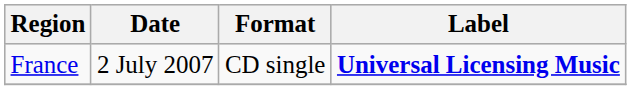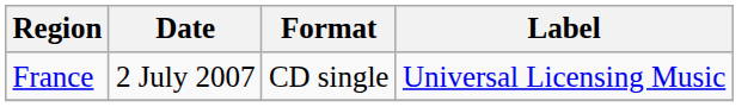 <table class=wikitable>
 <tr>
 <th>Region</th>
 <th>Date</th>
 <th>Format</th>
 <th>Label</th>
 </tr>
 <tr>
 <td><a href='#'>France</a></td>
 <td>2 July 2007</td>
 <td>CD single</td>
-<td><strong><a href='#'>Universal Licensing Music</a></strong></td>
+<td><a href='#'>Universal Licensing Music</a></td>
 </tr>
 <tr>
 </tr>
 </table>
